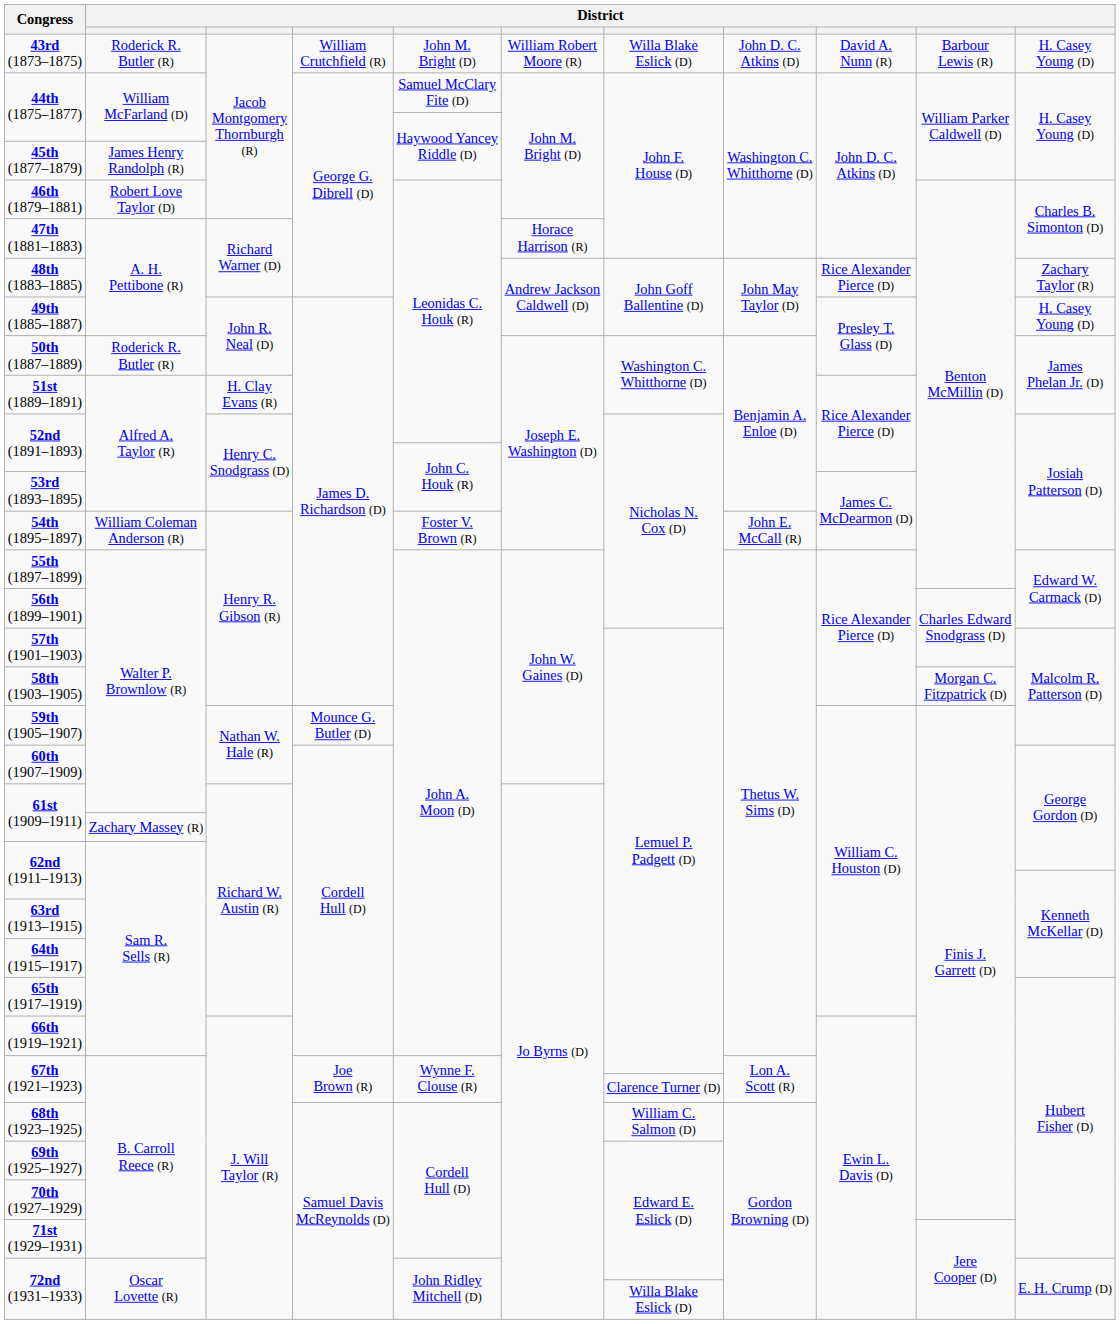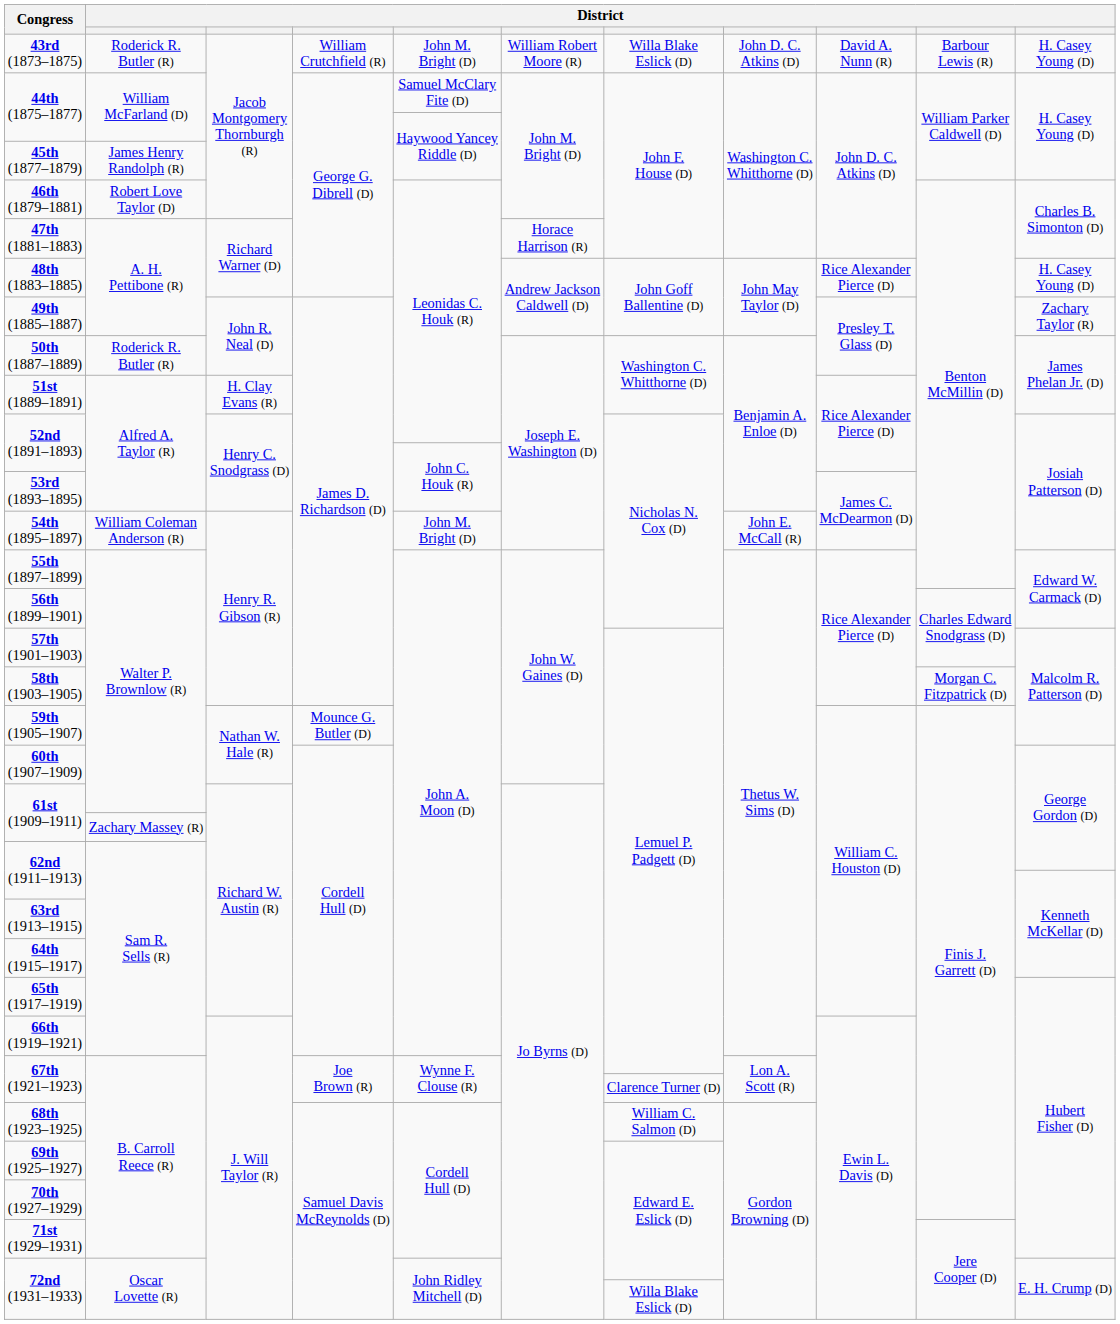 <table class="wikitable sticky-header-multi sortable" style="text-align:center">
 <tr>
 <th rowspan=2 class=unsortable>Con­gress</th>
 <th colspan="10">District</th>
 </tr>
 <tr>
 <th class=unsortable></th>
 <th class=unsortable></th>
 <th class=unsortable></th>
 <th class=unsortable></th>
 <th class=unsortable></th>
 <th class=unsortable></th>
 <th class=unsortable></th>
 <th class=unsortable></th>
 <th class=unsortable></th>
 <th class=unsortable></th>
 </tr>
 <tr style="height:2em">
 <td><strong><a href='#'>43rd</a></strong><br>(1873–1875)</td>
 <td><a href='#'>Roderick R.<br>Butler</a> <small>(R)</small></td>
 <td rowspan=5 ><a href='#'>Jacob<br>Montgomery<br>Thornburgh</a><br><small>(R)</small></td>
 <td><a href='#'>William<br>Crutchfield</a> <small>(R)</small></td>
 <td><a href='#'>John M.<br>Bright</a> <small>(D)</small></td>
 <td><a href='#'>William Robert<br>Moore</a> <small>(R)</small></td>
 <td><a href='#'>Willa Blake<br>Eslick</a> <small>(D)</small></td>
 <td><a href='#'>John D. C.<br>Atkins</a> <small>(D)</small></td>
 <td><a href='#'>David A.<br>Nunn</a> <small>(R)</small></td>
 <td><a href='#'>Barbour<br>Lewis</a> <small>(R)</small></td>
 <td><a href='#'>H. Casey<br>Young</a> <small>(D)</small></td>
 </tr>
 <tr style="height:2em">
 <td rowspan=2><strong><a href='#'>44th</a></strong><br>(1875–1877)</td>
 <td rowspan=2 ><a href='#'>William<br>McFarland</a> <small>(D)</small></td>
 <td rowspan=6 ><a href='#'>George G.<br>Dibrell</a> <small>(D)</small></td>
 <td><a href='#'>Samuel McClary<br>Fite</a> <small>(D)</small></td>
 <td rowspan=4 ><a href='#'>John M.<br>Bright</a> <small>(D)</small></td>
 <td rowspan=5 ><a href='#'>John F.<br>House</a> <small>(D)</small></td>
 <td rowspan=5 ><a href='#'>Washington C.<br>Whitthorne</a> <small>(D)</small></td>
 <td rowspan=5 ><a href='#'>John D. C.<br>Atkins</a> <small>(D)</small></td>
 <td rowspan=3 ><a href='#'>William Parker<br>Caldwell</a> <small>(D)</small></td>
 <td rowspan=3 ><a href='#'>H. Casey<br>Young</a> <small>(D)</small></td>
 </tr>
 <tr style="height:2em">
 <td rowspan=2 ><a href='#'>Haywood Yancey<br>Riddle</a> <small>(D)</small></td>
 </tr>
 <tr style="height:2em">
 <td><strong><a href='#'>45th</a></strong><br>(1877–1879)</td>
 <td><a href='#'>James Henry<br>Randolph</a> <small>(R)</small></td>
 </tr>
 <tr style="height:2em">
 <td><strong><a href='#'>46th</a></strong><br>(1879–1881)</td>
 <td><a href='#'>Robert Love<br>Taylor</a> <small>(D)</small></td>
 <td rowspan=7 ><a href='#'>Leonidas C.<br>Houk</a> <small>(R)</small></td>
 <td rowspan=11 ><a href='#'>Benton<br>McMillin</a> <small>(D)</small></td>
 <td rowspan=2 ><a href='#'>Charles B.<br>Simonton</a> <small>(D)</small></td>
 </tr>
 <tr style="height:2em">
 <td><strong><a href='#'>47th</a></strong><br>(1881–1883)</td>
 <td rowspan=3 ><a href='#'>A. H.<br>Pettibone</a> <small>(R)</small></td>
 <td rowspan=2 ><a href='#'>Richard<br>Warner</a> <small>(D)</small></td>
 <td><a href='#'>Horace<br>Harrison</a> <small>(R)</small></td>
 </tr>
 <tr style="height:2em">
 <td><strong><a href='#'>48th</a></strong><br>(1883–1885)</td>
 <td rowspan=2 ><a href='#'>Andrew Jackson<br>Caldwell</a> <small>(D)</small></td>
 <td rowspan=2 ><a href='#'>John Goff<br>Ballentine</a> <small>(D)</small></td>
 <td rowspan=2 ><a href='#'>John May<br>Taylor</a> <small>(D)</small></td>
 <td><a href='#'>Rice Alexander<br>Pierce</a> <small>(D)</small></td>
-<td><a href='#'>Zachary<br>Taylor</a> <small>(R)</small></td>
+<td><a href='#'>H. Casey<br>Young</a> <small>(D)</small></td>
 </tr>
 <tr style="height:2em">
 <td><strong><a href='#'>49th</a></strong><br>(1885–1887)</td>
 <td rowspan=2 ><a href='#'>John R.<br>Neal</a> <small>(D)</small></td>
 <td rowspan=11 ><a href='#'>James D.<br>Richardson</a> <small>(D)</small></td>
 <td rowspan=2 ><a href='#'>Presley T.<br>Glass</a> <small>(D)</small></td>
-<td><a href='#'>H. Casey<br>Young</a> <small>(D)</small></td>
+<td><a href='#'>Zachary<br>Taylor</a> <small>(R)</small></td>
 </tr>
 <tr style="height:2em">
 <td><strong><a href='#'>50th</a></strong><br>(1887–1889)</td>
 <td><a href='#'>Roderick R.<br>Butler</a> <small>(R)</small></td>
 <td rowspan=6 ><a href='#'>Joseph E.<br>Washington</a> <small>(D)</small></td>
 <td rowspan=2 ><a href='#'>Washington C.<br>Whitthorne</a> <small>(D)</small></td>
 <td rowspan=5 ><a href='#'>Benjamin A.<br>Enloe</a> <small>(D)</small></td>
 <td rowspan=2 ><a href='#'>James<br>Phelan Jr.</a> <small>(D)</small></td>
 </tr>
 <tr style="height:2em">
 <td><strong><a href='#'>51st</a></strong><br>(1889–1891)</td>
 <td rowspan=4 ><a href='#'>Alfred A.<br>Taylor</a> <small>(R)</small></td>
 <td><a href='#'>H. Clay<br>Evans</a> <small>(R)</small></td>
 <td rowspan=3 ><a href='#'>Rice Alexander<br>Pierce</a> <small>(D)</small></td>
 </tr>
 <tr style="height:2em">
 <td rowspan=2><strong><a href='#'>52nd</a></strong><br>(1891–1893)</td>
 <td rowspan=3 ><a href='#'>Henry C.<br>Snodgrass</a> <small>(D)</small></td>
 <td rowspan=6 ><a href='#'>Nicholas N.<br>Cox</a> <small>(D)</small></td>
 <td rowspan=4 ><a href='#'>Josiah<br>Patterson</a> <small>(D)</small></td>
 </tr>
 <tr style="height:2em">
 <td rowspan=2 ><a href='#'>John C.<br>Houk</a> <small>(R)</small></td>
 </tr>
 <tr style="height:2em">
 <td><strong><a href='#'>53rd</a></strong><br>(1893–1895)</td>
 <td rowspan=2 ><a href='#'>James C.<br>McDearmon</a> <small>(D)</small></td>
 </tr>
 <tr style="height:2em">
 <td><strong><a href='#'>54th</a></strong><br>(1895–1897)</td>
 <td><a href='#'>William Coleman<br>Anderson</a> <small>(R)</small></td>
 <td rowspan=5 ><a href='#'>Henry R.<br>Gibson</a> <small>(R)</small></td>
-<td><a href='#'>Foster V.<br>Brown</a> <small>(R)</small></td>
+<td><a href='#'>John M.<br>Bright</a> <small>(D)</small></td>
 <td><a href='#'>John E.<br>McCall</a> <small>(R)</small></td>
 </tr>
 <tr style="height:2em">
 <td><strong><a href='#'>55th</a></strong><br>(1897–1899)</td>
 <td rowspan=7 ><a href='#'>Walter P.<br>Brownlow</a> <small>(R)</small></td>
 <td rowspan=14 ><a href='#'>John A.<br>Moon</a> <small>(D)</small></td>
 <td rowspan=6 ><a href='#'>John W.<br>Gaines</a> <small>(D)</small></td>
 <td rowspan=14 ><a href='#'>Thetus W.<br>Sims</a> <small>(D)</small></td>
 <td rowspan=4 ><a href='#'>Rice Alexander<br>Pierce</a> <small>(D)</small></td>
 <td rowspan=2 ><a href='#'>Edward W.<br>Carmack</a> <small>(D)</small></td>
 </tr>
 <tr style="height:2em">
 <td><strong><a href='#'>56th</a></strong><br>(1899–1901)</td>
 <td rowspan=2 ><a href='#'>Charles Edward<br>Snodgrass</a> <small>(D)</small></td>
 </tr>
 <tr style="height:2em">
 <td><strong><a href='#'>57th</a></strong><br>(1901–1903)</td>
 <td rowspan=13 ><a href='#'>Lemuel P.<br>Padgett</a> <small>(D)</small></td>
 <td rowspan=3 ><a href='#'>Malcolm R.<br>Patterson</a> <small>(D)</small></td>
 </tr>
 <tr style="height:2em">
 <td><strong><a href='#'>58th</a></strong><br>(1903–1905)</td>
 <td><a href='#'>Morgan C.<br>Fitzpatrick</a> <small>(D)</small></td>
 </tr>
 <tr style="height:2em">
 <td><strong><a href='#'>59th</a></strong><br>(1905–1907)</td>
 <td rowspan=2 ><a href='#'>Nathan W.<br>Hale</a> <small>(R)</small></td>
 <td><a href='#'>Mounce G.<br>Butler</a> <small>(D)</small></td>
 <td rowspan=9 ><a href='#'>William C.<br>Houston</a> <small>(D)</small></td>
 <td rowspan=15 ><a href='#'>Finis J.<br>Garrett</a> <small>(D)</small></td>
 </tr>
 <tr style="height:2em">
 <td><strong><a href='#'>60th</a></strong><br>(1907–1909)</td>
 <td rowspan=9 ><a href='#'>Cordell<br>Hull</a> <small>(D)</small></td>
 <td rowspan=4 ><a href='#'>George<br>Gordon</a> <small>(D)</small></td>
 </tr>
 <tr style="height:2em">
 <td rowspan=2><strong><a href='#'>61st</a></strong><br>(1909–1911)</td>
 <td rowspan=7 ><a href='#'>Richard W.<br>Austin</a> <small>(R)</small></td>
 <td rowspan=16 ><a href='#'>Jo Byrns</a> <small>(D)</small></td>
 </tr>
 <tr style="height:2em">
 <td><a href='#'>Zachary Massey</a> <small>(R)</small></td>
 </tr>
 <tr style="height:2em">
 <td rowspan=2><strong><a href='#'>62nd</a></strong><br>(1911–1913)</td>
 <td rowspan=6 ><a href='#'>Sam R.<br>Sells</a> <small>(R)</small></td>
 </tr>
 <tr style="height:2em">
 <td rowspan=3 ><a href='#'>Kenneth<br>McKellar</a> <small>(D)</small></td>
 </tr>
 <tr style="height:2em">
 <td><strong><a href='#'>63rd</a></strong><br>(1913–1915)</td>
 </tr>
 <tr style="height:2em">
 <td><strong><a href='#'>64th</a></strong><br>(1915–1917)</td>
 </tr>
 <tr style="height:2em">
 <td><strong><a href='#'>65th</a></strong><br>(1917–1919)</td>
 <td rowspan=8 ><a href='#'>Hubert<br>Fisher</a> <small>(D)</small></td>
 </tr>
 <tr style="height:2em">
 <td><strong><a href='#'>66th</a></strong><br>(1919–1921)</td>
 <td rowspan=9 ><a href='#'>J. Will<br>Taylor</a> <small>(R)</small></td>
 <td rowspan=9 ><a href='#'>Ewin L.<br>Davis</a> <small>(D)</small></td>
 </tr>
 <tr style="height:1.25em">
 <td rowspan=2><strong><a href='#'>67th</a></strong><br>(1921–1923)</td>
 <td rowspan=6 ><a href='#'>B. Carroll<br>Reece</a> <small>(R)</small></td>
 <td rowspan=2 ><a href='#'>Joe<br>Brown</a> <small>(R)</small></td>
 <td rowspan=2 ><a href='#'>Wynne F.<br>Clouse</a> <small>(R)</small></td>
 <td rowspan=2 ><a href='#'>Lon A.<br>Scott</a> <small>(R)</small></td>
 </tr>
 <tr style="height:2em">
 <td><a href='#'>Clarence Turner</a> <small>(D)</small></td>
 </tr>
 <tr style="height:2em">
 <td><strong><a href='#'>68th</a></strong><br>(1923–1925)</td>
 <td rowspan=6 ><a href='#'>Samuel Davis<br>McReynolds</a> <small>(D)</small></td>
 <td rowspan=4 ><a href='#'>Cordell<br>Hull</a> <small>(D)</small></td>
 <td><a href='#'>William C.<br>Salmon</a> <small>(D)</small></td>
 <td rowspan=6 ><a href='#'>Gordon<br>Browning</a> <small>(D)</small></td>
 </tr>
 <tr style="height:2em">
 <td><strong><a href='#'>69th</a></strong><br>(1925–1927)</td>
 <td rowspan=4 ><a href='#'>Edward E.<br>Eslick</a> <small>(D)</small></td>
 </tr>
 <tr style="height:2em">
 <td><strong><a href='#'>70th</a></strong><br>(1927–1929)</td>
 </tr>
 <tr style="height:2em">
 <td><strong><a href='#'>71st</a></strong><br>(1929–1931)</td>
 <td rowspan=3 ><a href='#'>Jere<br>Cooper</a> <small>(D)</small></td>
 </tr>
 <tr style="height:1.5em">
 <td rowspan=2><strong><a href='#'>72nd</a></strong><br>(1931–1933)</td>
 <td rowspan=2 ><a href='#'>Oscar<br>Lovette</a> <small>(R)</small></td>
 <td rowspan=2 ><a href='#'>John Ridley<br>Mitchell</a> <small>(D)</small></td>
 <td rowspan=2 ><a href='#'>E. H. Crump</a> <small>(D)</small></td>
 </tr>
 <tr style="height:2em">
 <td><a href='#'>Willa Blake<br>Eslick</a> <small>(D)</small></td>
 </tr>
 </table>
